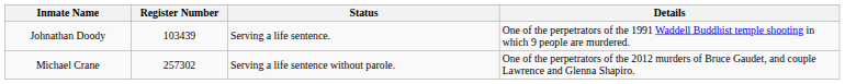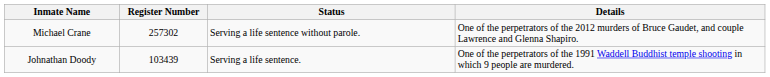 <table class="wikitable sortable">
 <tr>
 <th width=13%>Inmate Name</th>
 <th width=10%>Register Number</th>
 <th width=28%>Status</th>
 <th width=35%>Details</th>
 </tr>
 <tr>
+<td style="text-align:center;">Michael Crane</td>
+<td style="text-align:center;'">257302</td>
+<td>Serving a life sentence without parole.</td>
+<td>One of the perpetrators of the 2012 murders of Bruce Gaudet, and couple Lawrence and Glenna Shapiro.</td>
+</tr>
+<tr>
 <td style="text-align:center;">Johnathan Doody</td>
 <td style="text-align:center;">103439</td>
 <td>Serving a life sentence.</td>
 <td>One of the perpetrators of the 1991 <a href='#'>Waddell Buddhist temple shooting</a> in which 9 people are murdered.</td>
 </tr>
-<tr>
-<td style="text-align:center;">Michael Crane</td>
-<td style="text-align:center;'">257302</td>
-<td>Serving a life sentence without parole.</td>
-<td>One of the perpetrators of the 2012 murders of Bruce Gaudet, and couple Lawrence and Glenna Shapiro.</td>
-</tr>
 </table>
